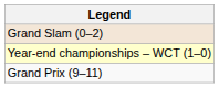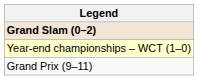 <table class=wikitable style=font-size:97%>
 <tr>
 <th>Legend</th>
 </tr>
 <tr bgcolor=f3e6d7>
-<td>Grand Slam (0–2)</td>
+<td><strong>Grand Slam (0–2)</strong></td>
 </tr>
 <tr bgcolor=ffffcc>
 <td>Year-end championships – WCT (1–0)</td>
 </tr>
 <tr>
 <td>Grand Prix (9–11)</td>
 </tr>
 </table>
